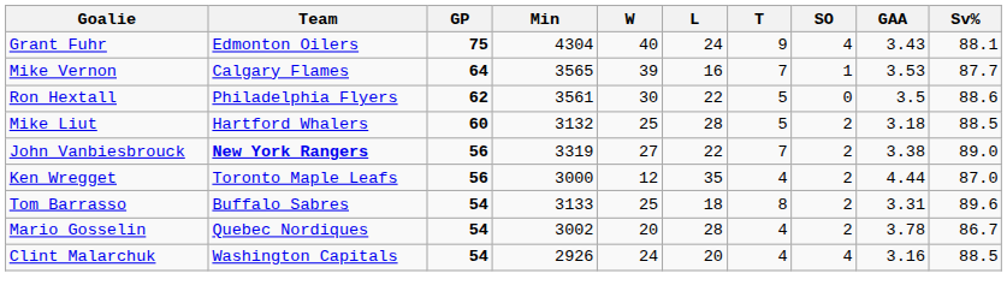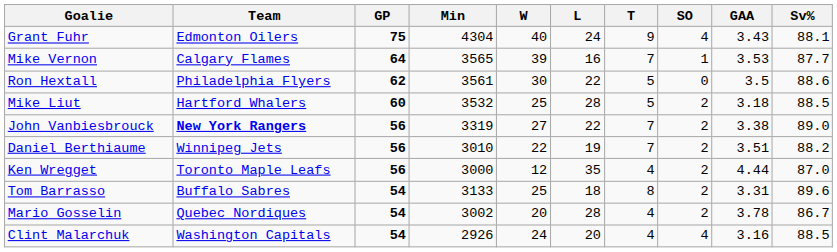 <table class="wikitable">
 <tr>
 <th style="align:left; width: 12em;">Goalie</th>
 <th style="align:left; width: 13em;">Team</th>
 <th style="width: 3.5em;">GP</th>
 <th style="width: 6em;">Min</th>
 <th style="width: 3.5em;">W</th>
 <th style="width: 3.5em;">L</th>
 <th style="width: 3.5em;">T</th>
 <th style="width: 3.5em;">SO</th>
 <th style="width: 4em;">GAA</th>
 <th style="width: 4em;">Sv%</th>
 </tr>
 <tr style="text-align:right;">
 <td align="left"><a href='#'>Grant Fuhr</a></td>
 <td style="text-align:left;"><a href='#'>Edmonton Oilers</a></td>
 <td><strong>75</strong></td>
 <td>4304</td>
 <td>40</td>
 <td>24</td>
 <td>9</td>
 <td>4</td>
 <td>3.43</td>
 <td>88.1</td>
 </tr>
 <tr style="text-align:right;">
 <td align="left"><a href='#'>Mike Vernon</a></td>
 <td style="text-align:left;"><a href='#'>Calgary Flames</a></td>
 <td><strong>64</strong></td>
 <td>3565</td>
 <td>39</td>
 <td>16</td>
 <td>7</td>
 <td>1</td>
 <td>3.53</td>
 <td>87.7</td>
 </tr>
 <tr style="text-align:right;">
 <td align="left"><a href='#'>Ron Hextall</a></td>
 <td style="text-align:left;"><a href='#'>Philadelphia Flyers</a></td>
 <td><strong>62</strong></td>
 <td>3561</td>
 <td>30</td>
 <td>22</td>
 <td>5</td>
 <td>0</td>
 <td>3.5</td>
 <td>88.6</td>
 </tr>
 <tr style="text-align:right;">
 <td align="left"><a href='#'>Mike Liut</a></td>
 <td style="text-align:left;"><a href='#'>Hartford Whalers</a></td>
 <td><strong>60</strong></td>
-<td>3132</td>
+<td>3532</td>
 <td>25</td>
 <td>28</td>
 <td>5</td>
 <td>2</td>
 <td>3.18</td>
 <td>88.5</td>
 </tr>
 <tr style="text-align:right;">
 <td align="left"><a href='#'>John Vanbiesbrouck</a></td>
 <td style="text-align:left;"><strong><a href='#'>New York Rangers</a></strong></td>
 <td><strong>56</strong></td>
 <td>3319</td>
 <td>27</td>
 <td>22</td>
 <td>7</td>
 <td>2</td>
 <td>3.38</td>
 <td>89.0</td>
+</tr>
+<tr style="text-align:right;">
+<td align="left"><a href='#'>Daniel Berthiaume</a></td>
+<td style="text-align:left;"><a href='#'>Winnipeg Jets</a></td>
+<td><strong>56</strong></td>
+<td>3010</td>
+<td>22</td>
+<td>19</td>
+<td>7</td>
+<td>2</td>
+<td>3.51</td>
+<td>88.2</td>
 </tr>
 <tr style="text-align:right;">
 <td align="left"><a href='#'>Ken Wregget</a></td>
 <td style="text-align:left;"><a href='#'>Toronto Maple Leafs</a></td>
 <td><strong>56</strong></td>
 <td>3000</td>
 <td>12</td>
 <td>35</td>
 <td>4</td>
 <td>2</td>
 <td>4.44</td>
 <td>87.0</td>
 </tr>
 <tr style="text-align:right;">
 <td align="left"><a href='#'>Tom Barrasso</a></td>
 <td style="text-align:left;"><a href='#'>Buffalo Sabres</a></td>
 <td><strong>54</strong></td>
 <td>3133</td>
 <td>25</td>
 <td>18</td>
 <td>8</td>
 <td>2</td>
 <td>3.31</td>
 <td>89.6</td>
 </tr>
 <tr style="text-align:right;">
 <td align="left"><a href='#'>Mario Gosselin</a></td>
 <td style="text-align:left;"><a href='#'>Quebec Nordiques</a></td>
 <td><strong>54</strong></td>
 <td>3002</td>
 <td>20</td>
 <td>28</td>
 <td>4</td>
 <td>2</td>
 <td>3.78</td>
 <td>86.7</td>
 </tr>
 <tr style="text-align:right;">
 <td align="left"><a href='#'>Clint Malarchuk</a></td>
 <td style="text-align:left;"><a href='#'>Washington Capitals</a></td>
 <td><strong>54</strong></td>
 <td>2926</td>
 <td>24</td>
 <td>20</td>
 <td>4</td>
 <td>4</td>
 <td>3.16</td>
 <td>88.5</td>
 </tr>
 </table>
